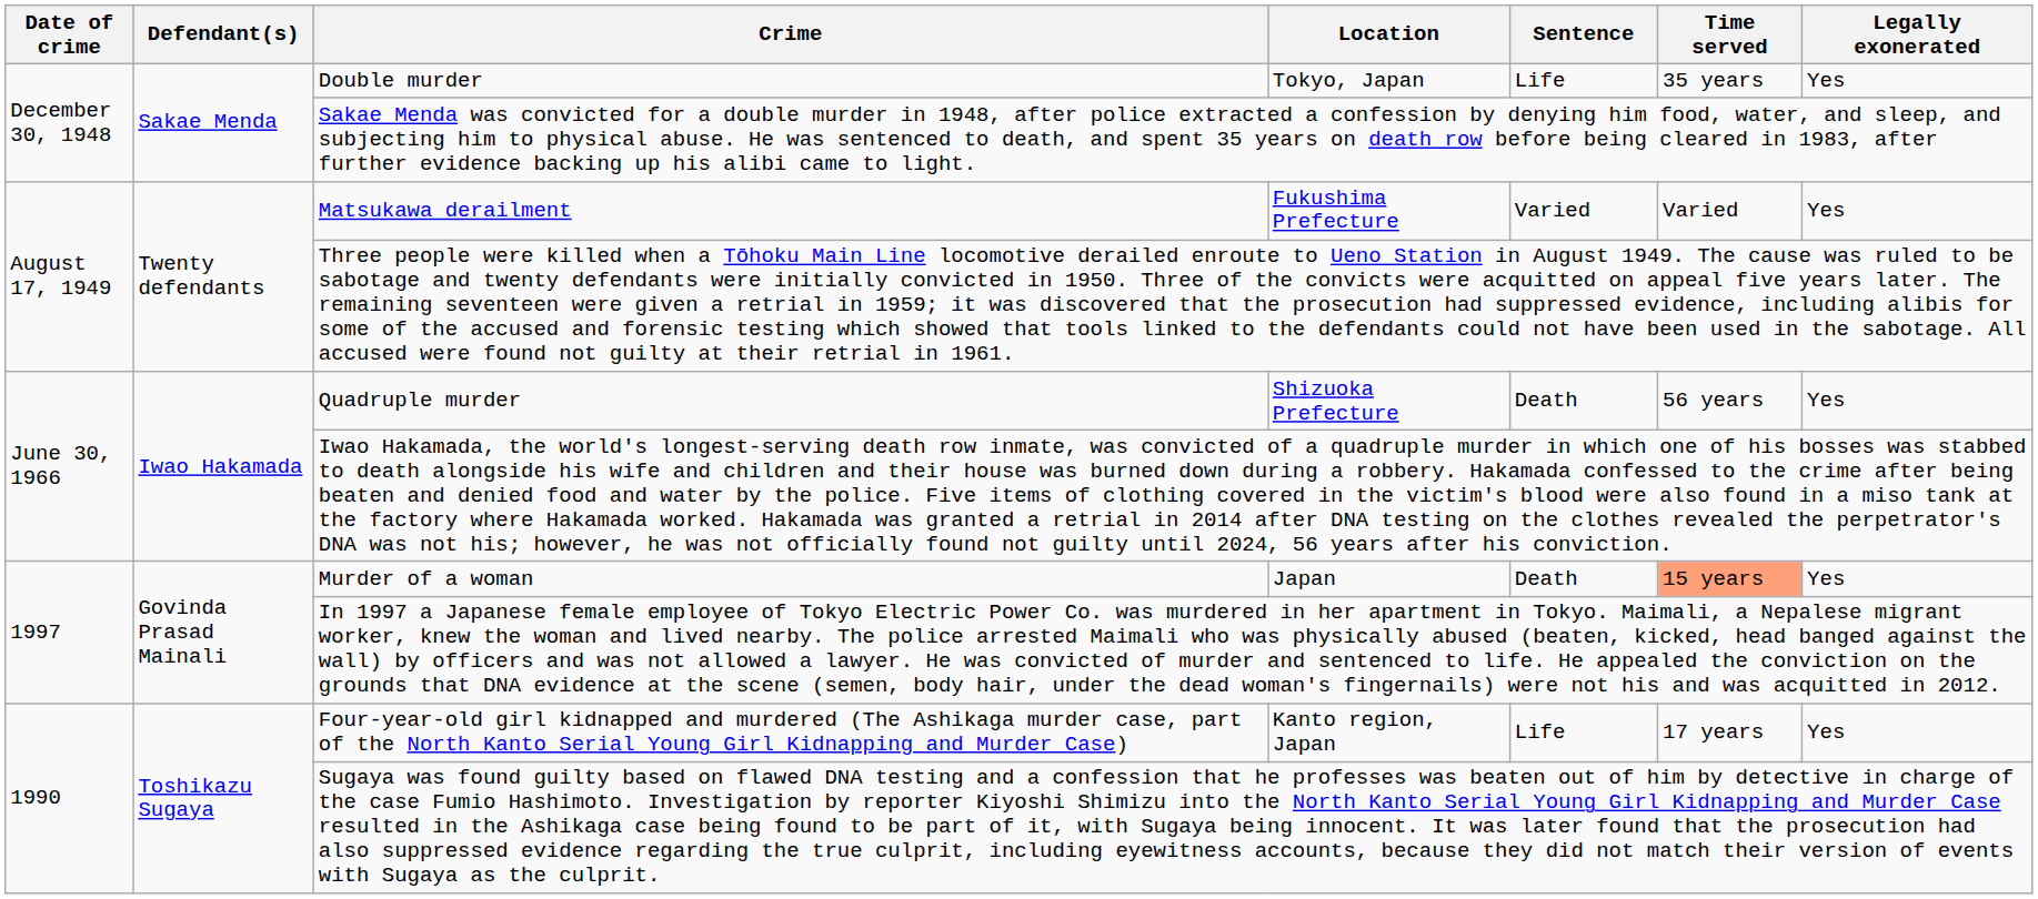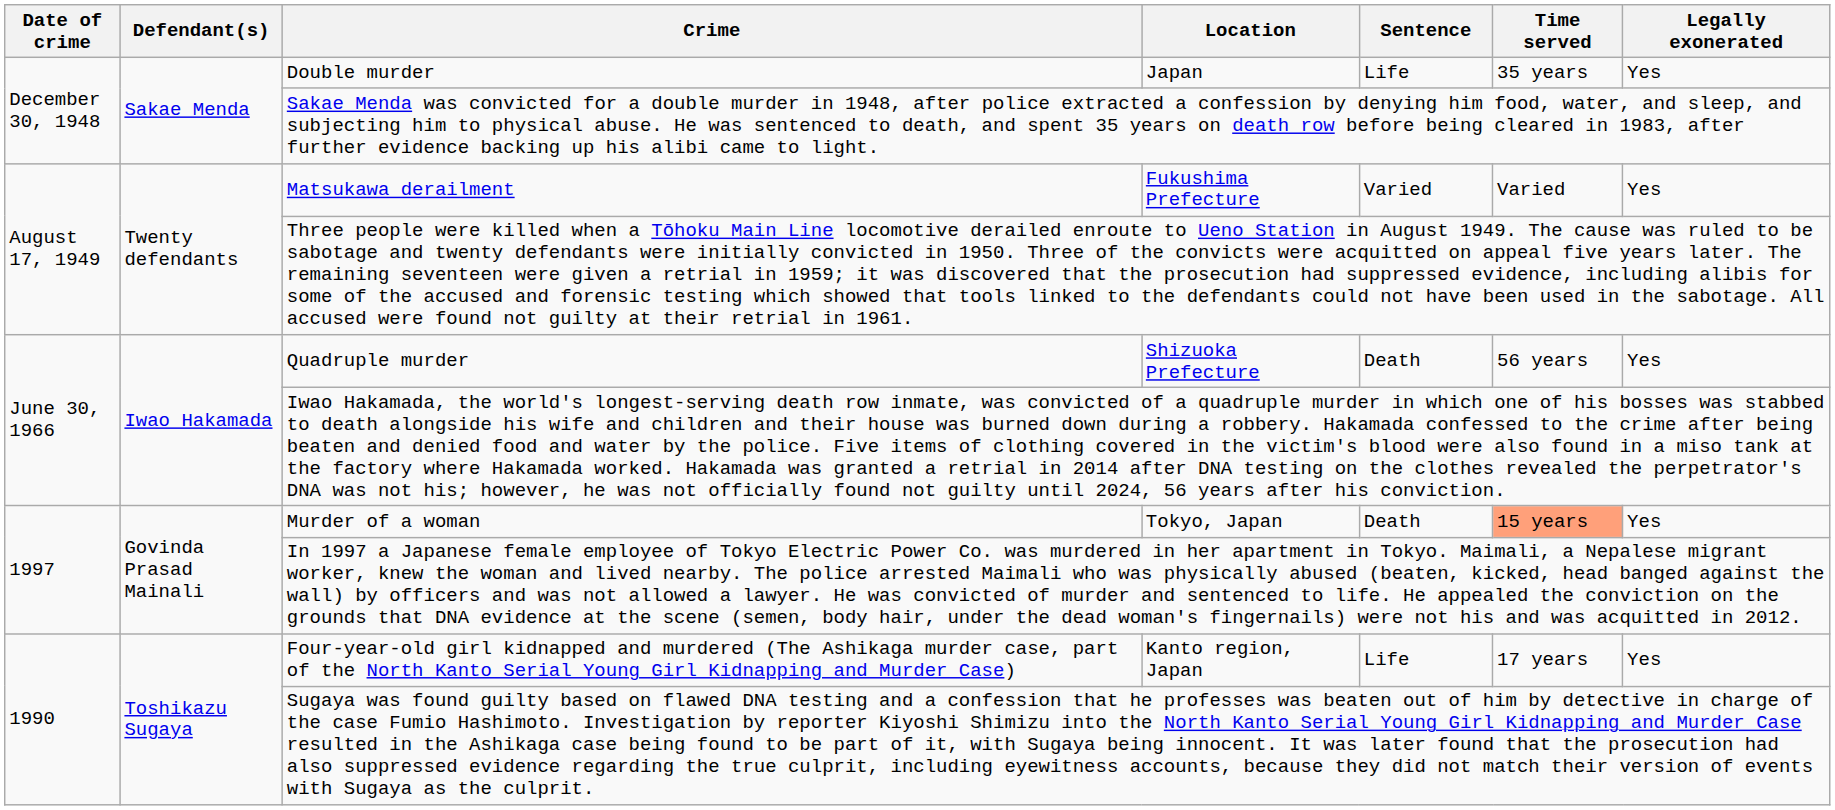 <table class="wikitable sortable">
 <tr>
 <th>Date of crime</th>
 <th>Defendant(s)</th>
 <th>Crime</th>
 <th>Location</th>
 <th>Sentence</th>
 <th>Time served</th>
 <th>Legally exonerated</th>
 </tr>
 <tr ->
 <td rowspan="2">December 30, 1948</td>
 <td rowspan="2"><a href='#'>Sakae Menda</a></td>
 <td>Double murder</td>
-<td>Tokyo, Japan</td>
+<td>Japan</td>
 <td>Life</td>
 <td>35 years</td>
 <td>Yes</td>
 </tr>
 <tr>
 <td colspan=5><a href='#'>Sakae Menda</a> was convicted for a double murder in 1948, after police extracted a confession by denying him food, water, and sleep, and subjecting him to physical abuse. He was sentenced to death, and spent 35 years on <a href='#'>death row</a> before being cleared in 1983, after further evidence backing up his alibi came to light.</td>
 </tr>
 <tr ->
 <td rowspan="2">August 17, 1949</td>
 <td rowspan="2">Twenty defendants</td>
 <td><a href='#'>Matsukawa derailment</a></td>
 <td><a href='#'>Fukushima Prefecture</a></td>
 <td>Varied</td>
 <td>Varied</td>
 <td>Yes</td>
 </tr>
 <tr>
 <td colspan=5>Three people were killed when a <a href='#'>Tōhoku Main Line</a> locomotive derailed enroute to <a href='#'>Ueno Station</a> in August 1949. The cause was ruled to be sabotage and twenty defendants were initially convicted in 1950. Three of the convicts were acquitted on appeal five years later. The remaining seventeen were given a retrial in 1959; it was discovered that the prosecution had suppressed evidence, including alibis for some of the accused and forensic testing which showed that tools linked to the defendants could not have been used in the sabotage. All accused were found not guilty at their retrial in 1961.</td>
 </tr>
 <tr ->
 <td rowspan="2">June 30, 1966</td>
 <td rowspan="2"><a href='#'>Iwao Hakamada</a></td>
 <td>Quadruple murder</td>
 <td><a href='#'>Shizuoka Prefecture</a></td>
 <td>Death</td>
 <td>56 years</td>
 <td>Yes</td>
 </tr>
 <tr>
 <td colspan=5>Iwao Hakamada, the world's longest-serving death row inmate, was convicted of a quadruple murder in which one of his bosses was stabbed to death alongside his wife and children and their house was burned down during a robbery. Hakamada confessed to the crime after being beaten and denied food and water by the police. Five items of clothing covered in the victim's blood were also found in a miso tank at the factory where Hakamada worked. Hakamada was granted a retrial in 2014 after DNA testing on the clothes revealed the perpetrator's DNA was not his; however, he was not officially found not guilty until 2024, 56 years after his conviction.</td>
 </tr>
 <tr ->
 <td rowspan="2">1997</td>
 <td rowspan="2">Govinda Prasad Mainali</td>
 <td>Murder of a woman</td>
-<td>Japan</td>
+<td>Tokyo, Japan</td>
 <td>Death</td>
 <td style="background: lightsalmon;">15 years</td>
 <td>Yes</td>
 </tr>
 <tr>
 <td colspan=5>In 1997 a Japanese female employee of Tokyo Electric Power Co. was murdered in her apartment in Tokyo. Maimali, a Nepalese migrant worker, knew the woman and lived nearby. The police arrested Maimali who was physically abused (beaten, kicked, head banged against the wall) by officers and was not allowed a lawyer. He was convicted of murder and sentenced to life. He appealed the conviction on the grounds that DNA evidence at the scene (semen, body hair, under the dead woman's fingernails) were not his and was acquitted in 2012.</td>
 </tr>
 <tr ->
 <td rowspan="2">1990</td>
 <td rowspan="2"><a href='#'>Toshikazu Sugaya</a></td>
 <td>Four-year-old girl kidnapped and murdered (The Ashikaga murder case, part of the <a href='#'>North Kanto Serial Young Girl Kidnapping and Murder Case</a>)</td>
 <td>Kanto region, Japan</td>
 <td>Life</td>
 <td>17 years</td>
 <td>Yes</td>
 </tr>
 <tr>
 <td colspan=5>Sugaya was found guilty based on flawed DNA testing and a confession that he professes was beaten out of him by detective in charge of the case Fumio Hashimoto. Investigation by reporter Kiyoshi Shimizu into the <a href='#'>North Kanto Serial Young Girl Kidnapping and Murder Case</a> resulted in the Ashikaga case being found to be part of it, with Sugaya being innocent. It was later found that the prosecution had also suppressed evidence regarding the true culprit, including eyewitness accounts, because they did not match their version of events with Sugaya as the culprit.</td>
 </tr>
 </table>
